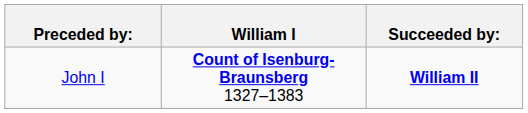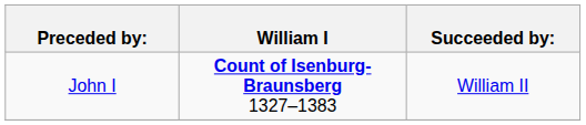 <table class="wikitable" style="margin:1em auto;">
 <tr align="center">
 <th width=150px><br>Preceded by:</th>
 <th width=200px><br>William I</th>
 <th width=150px><br>Succeeded by:</th>
 </tr>
 <tr align="center">
 <td><a href='#'>John I</a></td>
 <td><strong><a href='#'>Count of Isenburg-Braunsberg</a></strong><br>1327–1383</td>
-<td><strong><a href='#'>William II</a></strong></td>
+<td><a href='#'>William II</a></td>
 </tr>
 <tr>
 </tr>
 </table>
